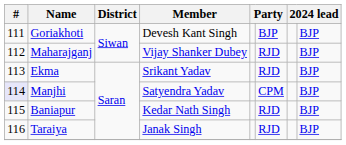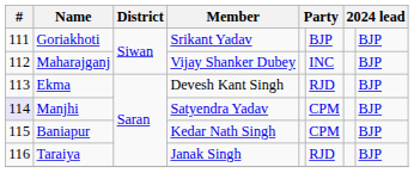 <table class="wikitable">
 <tr>
 <th>#</th>
 <th>Name</th>
 <th>District</th>
 <th>Member</th>
 <th colspan="2">Party</th>
 <th colspan="2">2024 lead</th>
 </tr>
 <tr>
 <td>111</td>
 <td><a href='#'>Goriakhoti</a></td>
 <td rowspan="2"><a href='#'>Siwan</a></td>
-<td>Devesh Kant Singh</td>
+<td><a href='#'>Srikant Yadav</a></td>
 <td style="background-color: "></td>
 <td><a href='#'>BJP</a></td>
 <td style="background-color: "></td>
 <td><a href='#'>BJP</a></td>
 </tr>
 <tr>
 <td>112</td>
 <td><a href='#'>Maharajganj</a></td>
 <td><a href='#'>Vijay Shanker Dubey</a></td>
 <td style="background-color: "></td>
-<td><a href='#'>RJD</a></td>
+<td><a href='#'>INC</a></td>
 <td style="background-color: "></td>
 <td><a href='#'>BJP</a></td>
 </tr>
 <tr>
 <td>113</td>
 <td><a href='#'>Ekma</a></td>
 <td rowspan="4"><a href='#'>Saran</a></td>
-<td><a href='#'>Srikant Yadav</a></td>
+<td>Devesh Kant Singh</td>
 <td style="background-color: "></td>
 <td><a href='#'>RJD</a></td>
 <td style="background-color: "></td>
 <td><a href='#'>BJP</a></td>
 </tr>
 <tr>
 <td style="background: lavender;">114</td>
 <td><a href='#'>Manjhi</a></td>
 <td><a href='#'>Satyendra Yadav</a></td>
 <td style="background-color: "></td>
 <td><a href='#'>CPM</a></td>
 <td style="background-color: "></td>
 <td><a href='#'>BJP</a></td>
 </tr>
 <tr>
 <td>115</td>
 <td><a href='#'>Baniapur</a></td>
 <td><a href='#'>Kedar Nath Singh</a></td>
 <td style="background-color: "></td>
-<td><a href='#'>RJD</a></td>
+<td><a href='#'>CPM</a></td>
 <td style="background-color: "></td>
 <td><a href='#'>BJP</a></td>
 </tr>
 <tr>
 <td>116</td>
 <td><a href='#'>Taraiya</a></td>
 <td><a href='#'>Janak Singh</a></td>
 <td style="background-color: "></td>
 <td><a href='#'>RJD</a></td>
 <td style="background-color: "></td>
 <td><a href='#'>BJP</a></td>
 </tr>
 <tr>
 </tr>
 </table>
